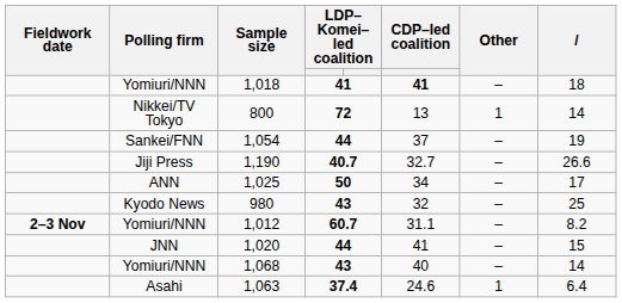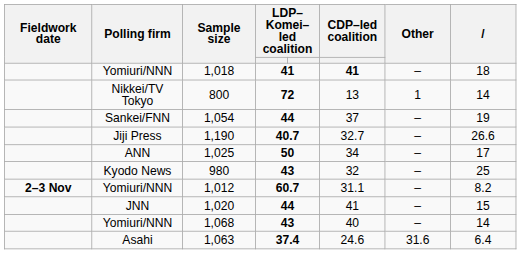 <table class="wikitable mw-datatable sortable" style="text-align:center;font-size:90%;line-height:14px;">
 <tr style="height:38px;">
 <th rowspan="2">Fieldwork date</th>
 <th rowspan="2">Polling firm</th>
 <th class="unsortable" rowspan="2">Sample size</th>
 <th class="unsortable" width="71px" colspan="2">LDP–Komei–led coalition</th>
 <th class="unsortable" width="71px">CDP–led coalition</th>
 <th class="unsortable" width="71px" rowspan="2">Other</th>
 <th class="unsortable" width="71px" rowspan="2">/<br></th>
 </tr>
 <tr>
 <th data-sort-type="number" style="background:"></th>
 <th data-sort-type="number" style="background:"></th>
 <th data-sort-type="number" style="background:"></th>
 </tr>
 <tr>
 <td></td>
 <td>Yomiuri/NNN</td>
 <td>1,018</td>
 <td colspan="2"  ><strong>41</strong></td>
 <td><strong>41</strong></td>
 <td>–</td>
 <td>18</td>
 </tr>
 <tr>
 <td></td>
 <td>Nikkei/TV Tokyo</td>
 <td>800</td>
 <td colspan="2" ><strong>72</strong></td>
 <td>13</td>
 <td>1</td>
 <td>14</td>
 </tr>
 <tr>
 <td></td>
 <td>Sankei/FNN</td>
 <td>1,054</td>
 <td colspan="2" ><strong>44</strong></td>
 <td>37</td>
 <td>–</td>
 <td>19</td>
 </tr>
 <tr>
 <td></td>
 <td>Jiji Press</td>
 <td>1,190</td>
 <td colspan="2" ><strong>40.7</strong></td>
 <td>32.7</td>
 <td>–</td>
 <td>26.6</td>
 </tr>
 <tr>
 <td></td>
 <td>ANN</td>
 <td>1,025</td>
 <td colspan="2" ><strong>50</strong></td>
 <td>34</td>
 <td>–</td>
 <td>17</td>
 </tr>
 <tr>
 <td></td>
 <td>Kyodo News</td>
 <td>980</td>
 <td colspan="2" ><strong>43</strong></td>
 <td>32</td>
 <td>–</td>
 <td>25</td>
 </tr>
 <tr>
 <td><strong>2–3 Nov</strong></td>
 <td>Yomiuri/NNN</td>
 <td>1,012</td>
 <td colspan="2" ><strong>60.7</strong></td>
 <td>31.1</td>
 <td>–</td>
 <td>8.2</td>
 </tr>
 <tr>
 <td></td>
 <td>JNN</td>
 <td>1,020</td>
 <td colspan="2" ><strong>44</strong></td>
 <td>41</td>
 <td>–</td>
 <td>15</td>
 </tr>
 <tr>
 <td></td>
 <td>Yomiuri/NNN</td>
 <td>1,068</td>
 <td colspan="2" ><strong>43</strong></td>
 <td>40</td>
 <td>–</td>
 <td>14</td>
 </tr>
 <tr>
 <td></td>
 <td>Asahi</td>
 <td>1,063</td>
 <td colspan="2" ><strong>37.4</strong></td>
 <td>24.6</td>
-<td>1</td>
+<td>31.6</td>
 <td>6.4</td>
 </tr>
 </table>
